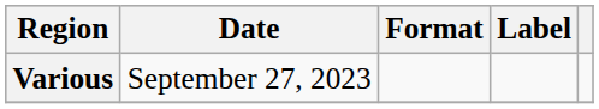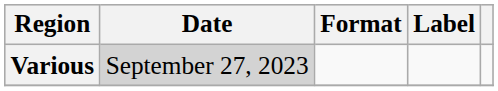 <table class="wikitable plainrowheaders">
 <tr>
 <th scope="col">Region</th>
 <th scope="col">Date</th>
 <th scope="col">Format</th>
 <th scope="col">Label</th>
 <th scope="col"></th>
 </tr>
 <tr>
 <th scope="row">Various</th>
-<td>September 27, 2023</td>
+<td style="background: lightgrey;">September 27, 2023</td>
 <td></td>
 <td></td>
 <td style="text-align:center"></td>
 </tr>
 <tr>
 </tr>
 </table>
